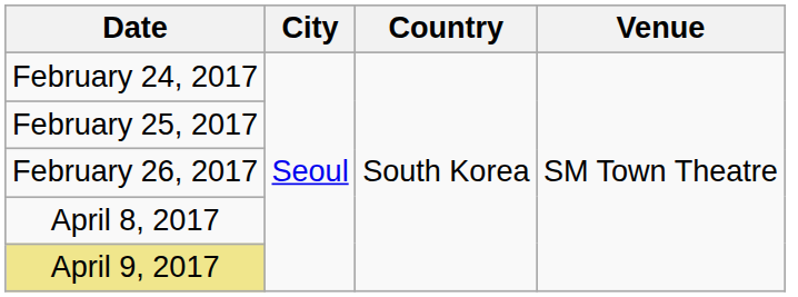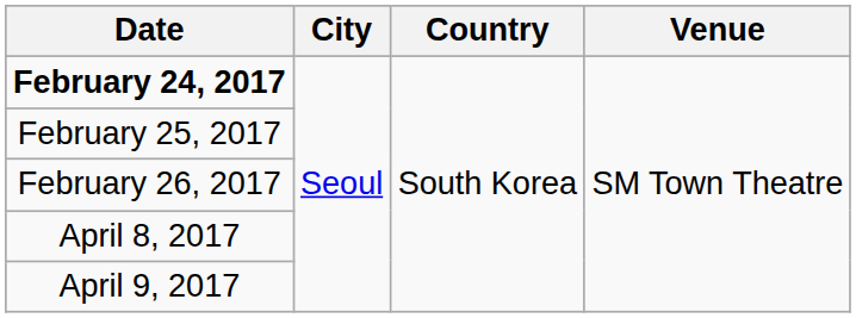 <table class="wikitable" style="text-align:center">
 <tr>
 <th scope="col">Date</th>
 <th scope="col">City</th>
 <th scope="col">Country</th>
 <th scope="col">Venue</th>
 </tr>
 <tr>
-<td>February 24, 2017</td>
+<td><strong>February 24, 2017</strong></td>
 <td rowspan="5"><a href='#'>Seoul</a></td>
 <td rowspan="5">South Korea</td>
 <td rowspan="5">SM Town Theatre</td>
 </tr>
 <tr>
 <td>February 25, 2017</td>
 </tr>
 <tr>
 <td>February 26, 2017</td>
 </tr>
 <tr>
 <td>April 8, 2017</td>
 </tr>
 <tr>
-<td style="background: khaki;">April 9, 2017</td>
+<td>April 9, 2017</td>
 </tr>
 </table>
